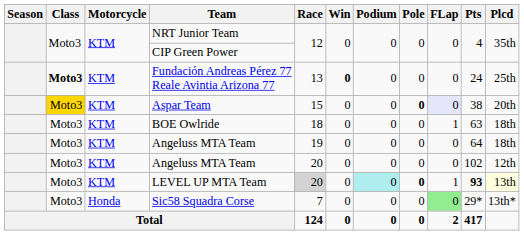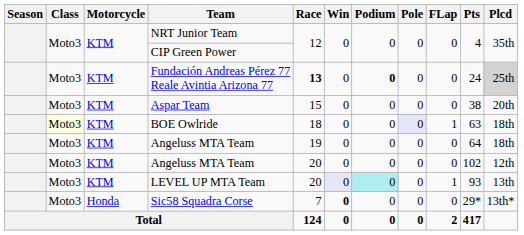 <table class="wikitable" style="text-align:right;">
 <tr>
 <th>Season</th>
 <th>Class</th>
 <th>Motorcycle</th>
 <th>Team</th>
 <th>Race</th>
 <th>Win</th>
 <th>Podium</th>
 <th>Pole</th>
 <th>FLap</th>
 <th>Pts</th>
 <th>Plcd</th>
 </tr>
 <tr>
 <th rowspan="2"></th>
 <td style="text-align:left;" rowspan="2">Moto3</td>
 <td style="text-align:left;" rowspan="2"><a href='#'>KTM</a></td>
 <td style="text-align:left;">NRT Junior Team</td>
 <td rowspan="2">12</td>
 <td rowspan="2">0</td>
 <td rowspan="2">0</td>
 <td rowspan="2">0</td>
 <td rowspan="2">0</td>
 <td rowspan="2">4</td>
 <td rowspan="2">35th</td>
 </tr>
 <tr>
 <td style="text-align:left;">CIP Green Power</td>
 </tr>
 <tr>
 <th></th>
-<td><strong>Moto3</strong></td>
+<td>Moto3</td>
 <td style="text-align:left;"><a href='#'>KTM</a></td>
 <td style="text-align:left;"><a href='#'>Fundación Andreas Pérez 77</a><br><a href='#'>Reale Avintia Arizona 77</a></td>
-<td>13</td>
+<td><strong>13</strong></td>
+<td>0</td>
 <td><strong>0</strong></td>
 <td>0</td>
 <td>0</td>
-<td>0</td>
 <td>24</td>
-<td>25th</td>
+<td style="background: lightgrey;">25th</td>
 </tr>
 <tr>
 <th></th>
-<td style="background: gold;">Moto3</td>
+<td>Moto3</td>
 <td style="text-align:left;"><a href='#'>KTM</a></td>
 <td style="text-align:left;"><a href='#'>Aspar Team</a></td>
 <td>15</td>
 <td>0</td>
 <td>0</td>
-<td><strong>0</strong></td>
-<td style="background: lavender;">0</td>
+<td>0</td>
+<td>0</td>
 <td>38</td>
 <td>20th</td>
 </tr>
 <tr>
 <th></th>
-<td>Moto3</td>
+<td style="background: lightyellow;">Moto3</td>
 <td style="text-align:left;"><a href='#'>KTM</a></td>
 <td style="text-align:left;">BOE Owlride</td>
 <td>18</td>
 <td>0</td>
 <td>0</td>
-<td>0</td>
+<td style="background: lavender;">0</td>
 <td>1</td>
 <td>63</td>
 <td>18th</td>
 </tr>
 <tr>
 <th></th>
 <td>Moto3</td>
 <td style="text-align:left;"><a href='#'>KTM</a></td>
 <td style="text-align:left;">Angeluss MTA Team</td>
 <td>19</td>
 <td>0</td>
 <td>0</td>
 <td>0</td>
 <td>0</td>
 <td>64</td>
 <td>18th</td>
 </tr>
 <tr>
 <th></th>
 <td>Moto3</td>
 <td style="text-align:left;"><a href='#'>KTM</a></td>
 <td style="text-align:left;">Angeluss MTA Team</td>
 <td>20</td>
 <td>0</td>
 <td>0</td>
 <td>0</td>
 <td>0</td>
 <td>102</td>
 <td>12th</td>
 </tr>
 <tr>
 <th></th>
 <td>Moto3</td>
 <td style="text-align:left;"><a href='#'>KTM</a></td>
 <td style="text-align:left;">LEVEL UP MTA Team</td>
-<td style="background: lightgrey;">20</td>
+<td>20</td>
+<td style="background: lavender;">0</td>
+<td style="background: paleturquoise;">0</td>
 <td>0</td>
-<td style="background: paleturquoise;">0</td>
-<td><strong>0</strong></td>
 <td>1</td>
-<td><strong>93</strong></td>
-<td style="background: lightyellow;">13th</td>
+<td>93</td>
+<td>13th</td>
 </tr>
 <tr>
 <th></th>
 <td>Moto3</td>
 <td style="text-align:left;"><a href='#'>Honda</a></td>
 <td style="text-align:left;"><a href='#'>Sic58 Squadra Corse</a></td>
 <td>7</td>
+<td><strong>0</strong></td>
 <td>0</td>
 <td>0</td>
 <td>0</td>
-<td style="background: lightgreen;">0</td>
 <td>29*</td>
 <td>13th*</td>
 </tr>
 <tr>
 <th colspan="4">Total</th>
 <td><strong>124</strong></td>
 <td><strong>0</strong></td>
 <td><strong>0</strong></td>
 <td><strong>0</strong></td>
 <td><strong>2</strong></td>
 <td><strong>417</strong></td>
 <td></td>
 </tr>
 </table>
